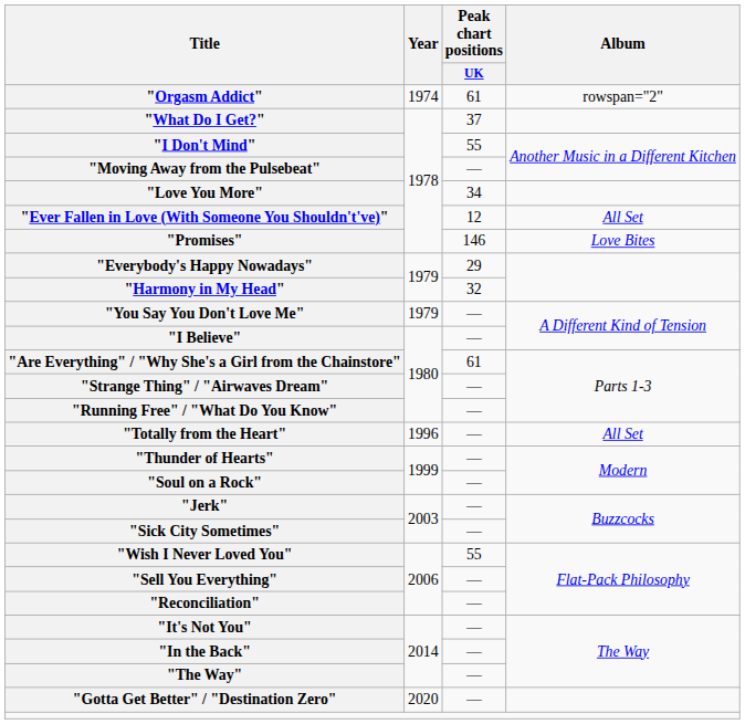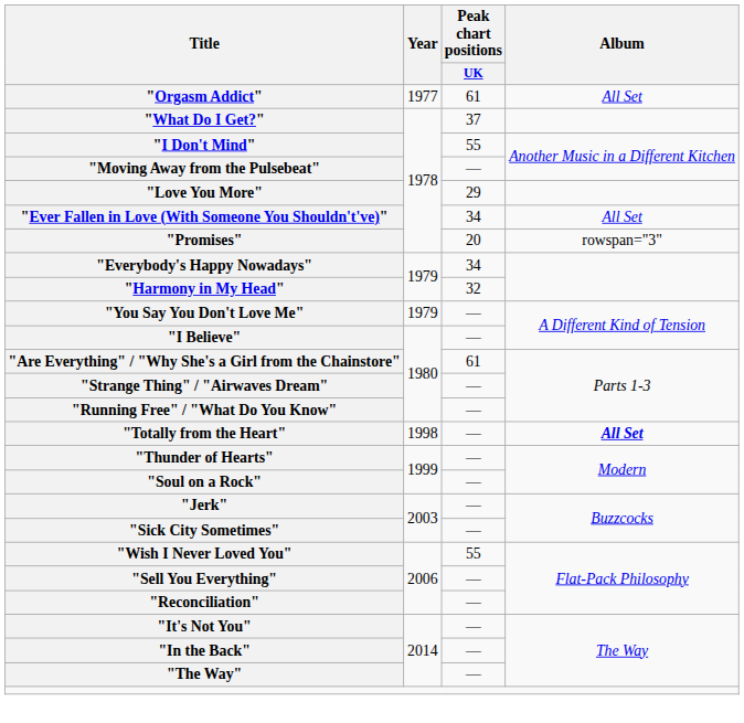 <table class="wikitable plainrowheaders" style="text-align:center;">
 <tr>
 <th rowspan="2">Title</th>
 <th rowspan="2">Year</th>
 <th colspan="1">Peak chart positions</th>
 <th rowspan="2">Album</th>
 </tr>
 <tr>
 <th style="width:3em;font-size:85%"><a href='#'>UK</a><br></th>
 </tr>
 <tr>
 <th scope="row">"<a href='#'>Orgasm Addict</a>"</th>
-<td>1974</td>
+<td>1977</td>
 <td>61</td>
-<td>rowspan="2" </td>
+<td><em><a href='#'>All Set</a></em></td>
 </tr>
 <tr>
 <th scope="row">"<a href='#'>What Do I Get?</a>"</th>
 <td rowspan="6">1978</td>
 <td>37</td>
 </tr>
 <tr>
 <th scope="row">"<a href='#'>I Don't Mind</a>"</th>
 <td>55</td>
 <td rowspan="2"><em><a href='#'>Another Music in a Different Kitchen</a></em></td>
 </tr>
 <tr>
 <th scope="row">"Moving Away from the Pulsebeat"</th>
 <td>—</td>
 </tr>
 <tr>
 <th scope="row">"Love You More"</th>
-<td>34</td>
+<td>29</td>
 <td></td>
 </tr>
 <tr>
 <th scope="row">"<a href='#'>Ever Fallen in Love (With Someone You Shouldn't've)</a>"</th>
-<td>12</td>
+<td>34</td>
 <td><em><a href='#'>All Set</a></em></td>
 </tr>
 <tr>
 <th scope="row">"Promises"</th>
-<td>146</td>
-<td><em><a href='#'>Love Bites</a></em></td>
+<td>20</td>
+<td>rowspan="3" </td>
 </tr>
 <tr>
 <th scope="row">"Everybody's Happy Nowadays"</th>
 <td rowspan="2">1979</td>
-<td>29</td>
+<td>34</td>
 </tr>
 <tr>
 <th scope="row">"<a href='#'>Harmony in My Head</a>"</th>
 <td>32</td>
 </tr>
 <tr>
 <th scope="row">"You Say You Don't Love Me"</th>
 <td>1979</td>
 <td>—</td>
 <td rowspan="2"><em><a href='#'>A Different Kind of Tension</a></em></td>
 </tr>
 <tr>
 <th scope="row">"I Believe"</th>
 <td rowspan="4">1980</td>
 <td>—</td>
 </tr>
 <tr>
 <th scope="row">"Are Everything" / "Why She's a Girl from the Chainstore"</th>
 <td>61</td>
 <td rowspan="3"><em>Parts 1-3</em></td>
 </tr>
 <tr>
 <th scope="row">"Strange Thing" / "Airwaves Dream"</th>
 <td>—</td>
 </tr>
 <tr>
 <th scope="row">"Running Free" / "What Do You Know"</th>
 <td>—</td>
 </tr>
 <tr>
 <th scope="row">"Totally from the Heart"</th>
-<td>1996</td>
+<td>1998</td>
 <td>—</td>
-<td><em><a href='#'>All Set</a></em></td>
+<td><strong><em><a href='#'>All Set</a></em></strong></td>
 </tr>
 <tr>
 <th scope="row">"Thunder of Hearts"</th>
 <td rowspan="2">1999</td>
 <td>—</td>
 <td rowspan="2"><em><a href='#'>Modern</a></em></td>
 </tr>
 <tr>
 <th scope="row">"Soul on a Rock"</th>
 <td>—</td>
 </tr>
 <tr>
 <th scope="row">"Jerk"</th>
 <td rowspan="2">2003</td>
 <td>—</td>
 <td rowspan="2"><em><a href='#'>Buzzcocks</a></em></td>
 </tr>
 <tr>
 <th scope="row">"Sick City Sometimes"</th>
 <td>—</td>
 </tr>
 <tr>
 <th scope="row">"Wish I Never Loved You"</th>
 <td rowspan="3">2006</td>
 <td>55</td>
 <td rowspan="3"><em><a href='#'>Flat-Pack Philosophy</a></em></td>
 </tr>
 <tr>
 <th scope="row">"Sell You Everything"</th>
 <td>—</td>
 </tr>
 <tr>
 <th scope="row">"Reconciliation"</th>
 <td>—</td>
 </tr>
 <tr>
 <th scope="row">"It's Not You"</th>
 <td rowspan="3">2014</td>
 <td>—</td>
 <td rowspan="3"><em><a href='#'>The Way</a></em></td>
 </tr>
 <tr>
 <th scope="row">"In the Back"</th>
 <td>—</td>
 </tr>
 <tr>
 <th scope="row">"The Way"</th>
 <td>—</td>
 </tr>
 <tr>
-<th scope="row">"Gotta Get Better" / "Destination Zero"</th>
-<td>2020</td>
-<td>—</td>
-<td></td>
-</tr>
-<tr>
 <td colspan="4"></td>
 </tr>
 </table>
